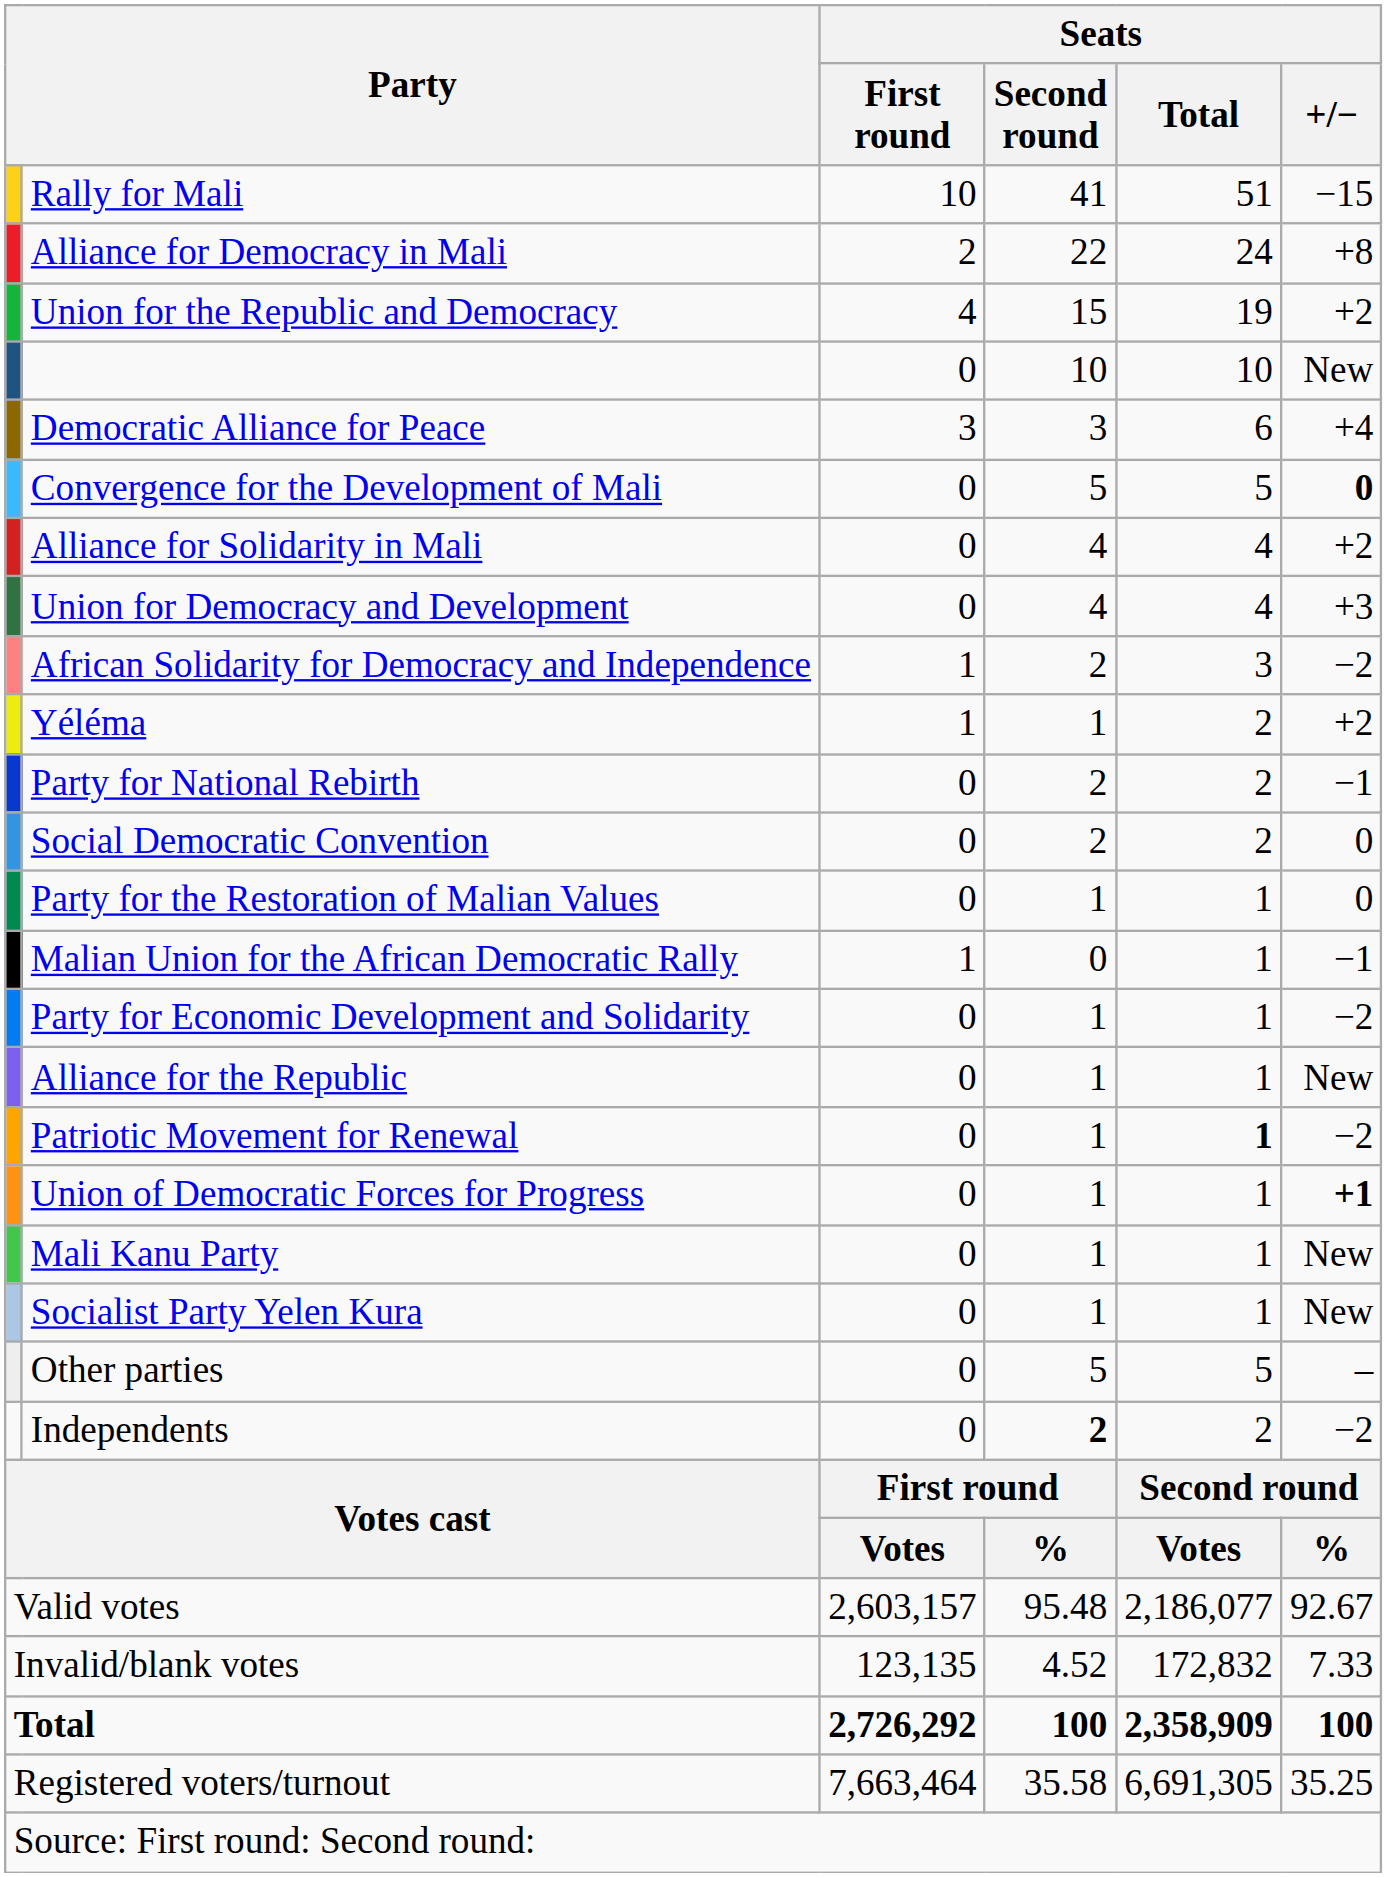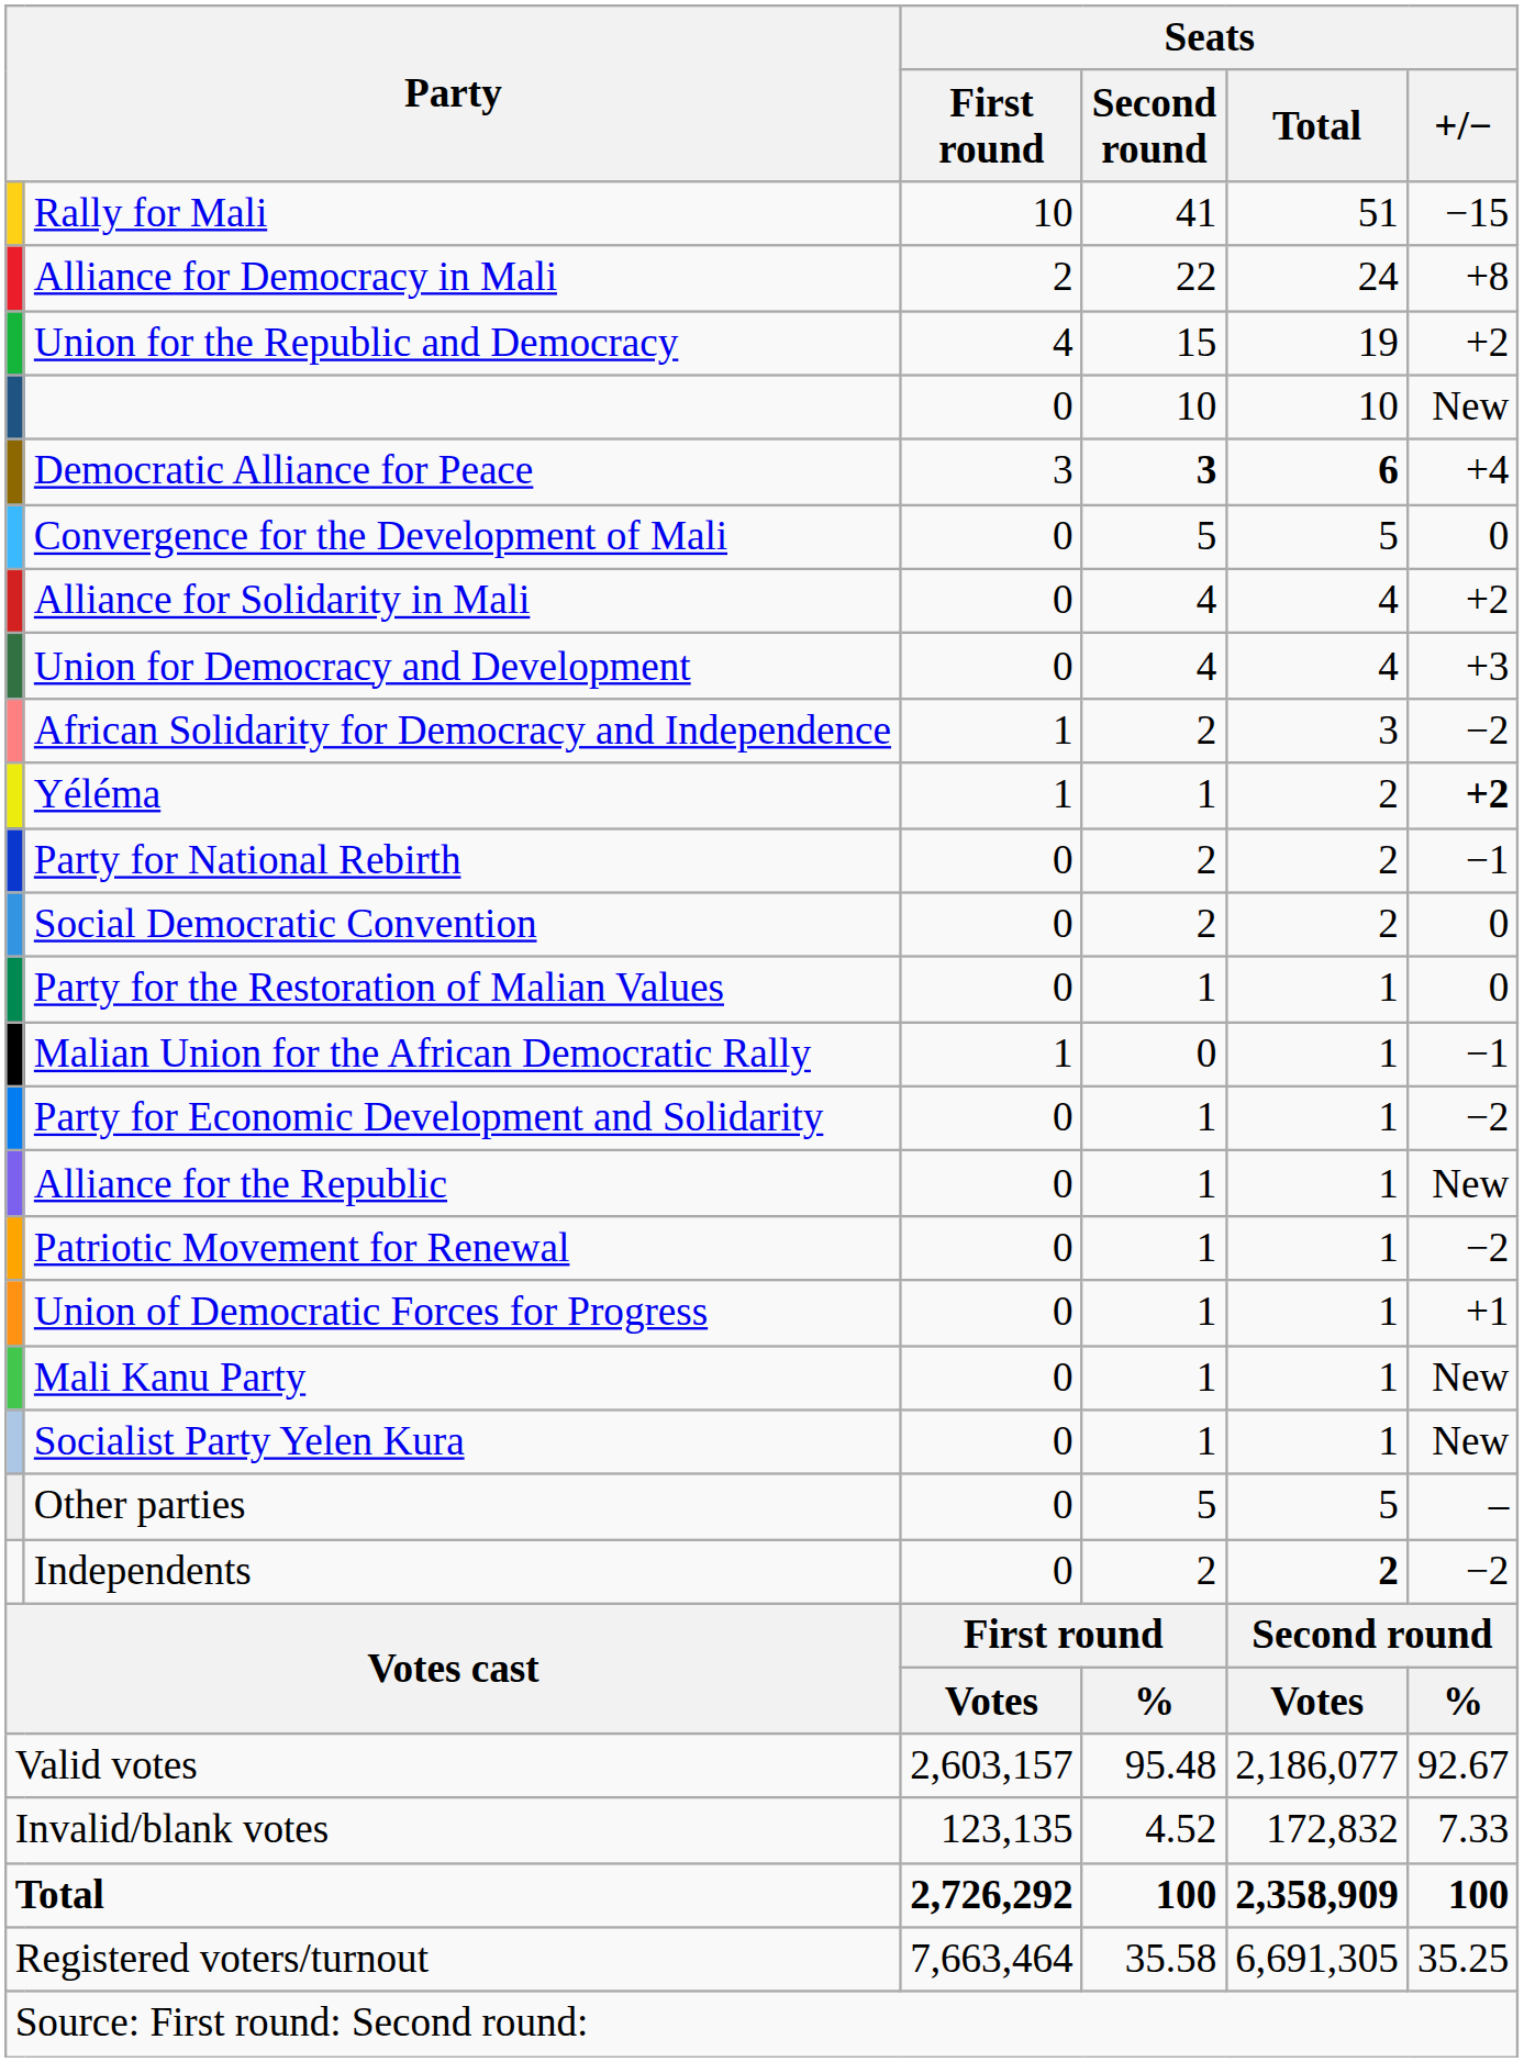 <table class="wikitable centre" style=text-align:right>
 <tr>
 <th rowspan=2 colspan=2>Party</th>
 <th colspan=4>Seats</th>
 </tr>
 <tr>
 <th>First<br>round</th>
 <th>Second<br>round</th>
 <th>Total</th>
 <th>+/−</th>
 </tr>
 <tr>
 <td bgcolor=#FCD116></td>
 <td align=left><a href='#'>Rally for Mali</a></td>
 <td>10</td>
 <td>41</td>
 <td>51</td>
 <td>−15</td>
 </tr>
 <tr>
 <td bgcolor=#EB1D2A></td>
 <td align=left><a href='#'>Alliance for Democracy in Mali</a></td>
 <td>2</td>
 <td>22</td>
 <td>24</td>
 <td>+8</td>
 </tr>
 <tr>
 <td bgcolor=#14B53A></td>
 <td align=left><a href='#'>Union for the Republic and Democracy</a></td>
 <td>4</td>
 <td>15</td>
 <td>19</td>
 <td>+2</td>
 </tr>
 <tr>
 <td bgcolor=#1F5382></td>
 <td align=left></td>
 <td>0</td>
 <td>10</td>
 <td>10</td>
 <td>New</td>
 </tr>
 <tr>
 <td bgcolor=#8D6800></td>
 <td align=left><a href='#'>Democratic Alliance for Peace</a></td>
 <td>3</td>
-<td>3</td>
-<td>6</td>
+<td><strong>3</strong></td>
+<td><strong>6</strong></td>
 <td>+4</td>
 </tr>
 <tr>
 <td bgcolor=#3BB9FF></td>
 <td align=left><a href='#'>Convergence for the Development of Mali</a></td>
 <td>0</td>
 <td>5</td>
 <td>5</td>
-<td><strong>0</strong></td>
+<td>0</td>
 </tr>
 <tr>
 <td bgcolor=#D32020></td>
 <td align=left><a href='#'>Alliance for Solidarity in Mali</a></td>
 <td>0</td>
 <td>4</td>
 <td>4</td>
 <td>+2</td>
 </tr>
 <tr>
 <td bgcolor=#317142></td>
 <td align=left><a href='#'>Union for Democracy and Development</a></td>
 <td>0</td>
 <td>4</td>
 <td>4</td>
 <td>+3</td>
 </tr>
 <tr>
 <td bgcolor=#FF8080></td>
 <td align=left><a href='#'>African Solidarity for Democracy and Independence</a></td>
 <td>1</td>
 <td>2</td>
 <td>3</td>
 <td>−2</td>
 </tr>
 <tr>
 <td bgcolor=#ECEC0E></td>
 <td align=left><a href='#'>Yéléma</a></td>
 <td>1</td>
 <td>1</td>
 <td>2</td>
-<td>+2</td>
+<td><strong>+2</strong></td>
 </tr>
 <tr>
 <td bgcolor=#0a37ce></td>
 <td align=left><a href='#'>Party for National Rebirth</a></td>
 <td>0</td>
 <td>2</td>
 <td>2</td>
 <td>−1</td>
 </tr>
 <tr>
 <td bgcolor=#3394E1></td>
 <td align=left><a href='#'>Social Democratic Convention</a></td>
 <td>0</td>
 <td>2</td>
 <td>2</td>
 <td>0</td>
 </tr>
 <tr>
 <td bgcolor=#008951></td>
 <td align=left><a href='#'>Party for the Restoration of Malian Values</a></td>
 <td>0</td>
 <td>1</td>
 <td>1</td>
 <td>0</td>
 </tr>
 <tr>
 <td bgcolor=#000000></td>
 <td align=left><a href='#'>Malian Union for the African Democratic Rally</a></td>
 <td>1</td>
 <td>0</td>
 <td>1</td>
 <td>−1</td>
 </tr>
 <tr>
 <td bgcolor=#037CF1></td>
 <td align=left><a href='#'>Party for Economic Development and Solidarity</a></td>
 <td>0</td>
 <td>1</td>
 <td>1</td>
 <td>−2</td>
 </tr>
 <tr>
 <td bgcolor=#7C61EE></td>
 <td align=left><a href='#'>Alliance for the Republic</a></td>
 <td>0</td>
 <td>1</td>
 <td>1</td>
 <td>New</td>
 </tr>
 <tr>
 <td bgcolor=#FFA500></td>
 <td align=left><a href='#'>Patriotic Movement for Renewal</a></td>
 <td>0</td>
 <td>1</td>
-<td><strong>1</strong></td>
+<td>1</td>
 <td>−2</td>
 </tr>
 <tr>
 <td bgcolor=#FF9113></td>
 <td align=left><a href='#'>Union of Democratic Forces for Progress</a></td>
 <td>0</td>
 <td>1</td>
 <td>1</td>
-<td><strong>+1</strong></td>
+<td>+1</td>
 </tr>
 <tr>
 <td bgcolor=#42C64C></td>
 <td align=left><a href='#'>Mali Kanu Party</a></td>
 <td>0</td>
 <td>1</td>
 <td>1</td>
 <td>New</td>
 </tr>
 <tr>
 <td bgcolor=#ACC7E5></td>
 <td align=left><a href='#'>Socialist Party Yelen Kura</a></td>
 <td>0</td>
 <td>1</td>
 <td>1</td>
 <td>New</td>
 </tr>
 <tr>
 <td bgcolor=#eeeeee></td>
 <td align=left>Other parties</td>
 <td>0</td>
 <td>5</td>
 <td>5</td>
 <td>–</td>
 </tr>
 <tr>
 <td bgcolor=></td>
 <td align=left>Independents</td>
 <td>0</td>
+<td>2</td>
 <td><strong>2</strong></td>
-<td>2</td>
 <td>−2</td>
 </tr>
 <tr>
 <th rowspan=2 colspan=2>Votes cast</th>
 <th colspan=2>First round</th>
 <th colspan=2>Second round</th>
 </tr>
 <tr>
 <th>Votes</th>
 <th>%</th>
 <th>Votes</th>
 <th>%</th>
 </tr>
 <tr>
 <td align=left colspan=2>Valid votes</td>
 <td>2,603,157</td>
 <td>95.48</td>
 <td>2,186,077</td>
 <td>92.67</td>
 </tr>
 <tr>
 <td align=left colspan=2>Invalid/blank votes</td>
 <td>123,135</td>
 <td>4.52</td>
 <td>172,832</td>
 <td>7.33</td>
 </tr>
 <tr>
 <td align=left colspan=2><strong>Total</strong></td>
 <td><strong>2,726,292</strong></td>
 <td><strong>100</strong></td>
 <td><strong>2,358,909</strong></td>
 <td><strong>100</strong></td>
 </tr>
 <tr>
 <td align=left colspan=2>Registered voters/turnout</td>
 <td>7,663,464</td>
 <td>35.58</td>
 <td>6,691,305</td>
 <td>35.25</td>
 </tr>
 <tr>
 <td align=left colspan=10>Source: First round: Second round:</td>
 </tr>
 </table>
